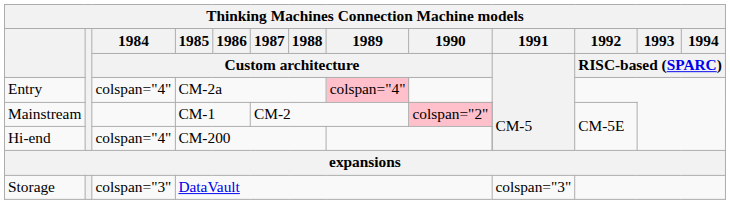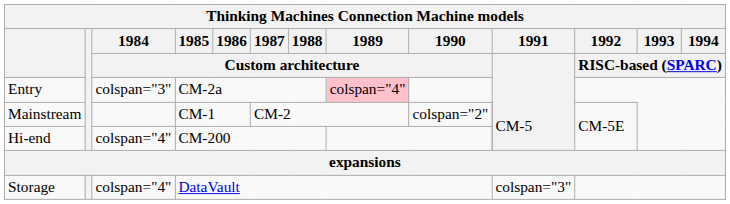 <table class="wikitable mw-collapsible">
 <tr>
 <th colspan="15">Thinking Machines <strong>Connection Machine models</strong></th>
 </tr>
 <tr>
 <th rowspan="2"></th>
 <th rowspan="5"></th>
 <th>1984</th>
 <th>1985</th>
 <th>1986</th>
 <th>1987</th>
 <th>1988</th>
 <th>1989</th>
 <th>1990</th>
 <th colspan="3">1991</th>
 <th>1992</th>
 <th>1993</th>
 <th>1994</th>
 </tr>
 <tr>
 <th colspan="8">Custom architecture</th>
 <th rowspan="4" style="width:3px";></th>
 <th colspan="4">RISC-based (<a href='#'>SPARC</a>)</th>
 </tr>
 <tr>
 <td>Entry</td>
-<td>colspan="4" </td>
+<td>colspan="3" </td>
 <td colspan="4">CM-2a</td>
 <td style="background: pink;">colspan="4" </td>
 </tr>
 <tr>
 <td>Mainstream</td>
 <td></td>
 <td colspan="2">CM-1</td>
 <td colspan="3">CM-2</td>
-<td style="background: pink;">colspan="2" </td>
+<td>colspan="2" </td>
 <td colspan="2" rowspan="2">CM-5</td>
 <td colspan="2" rowspan="2">CM-5E</td>
 </tr>
 <tr>
 <td>Hi-end</td>
 <td>colspan="4" </td>
 <td colspan="4">CM-200</td>
 </tr>
 <tr>
 <th colspan="15">expansions</th>
 </tr>
 <tr>
 <td>Storage</td>
 <th></th>
-<td>colspan="3" </td>
+<td>colspan="4" </td>
 <td colspan="7"><a href='#'>DataVault</a></td>
 <td>colspan="3" </td>
 </tr>
 </table>
